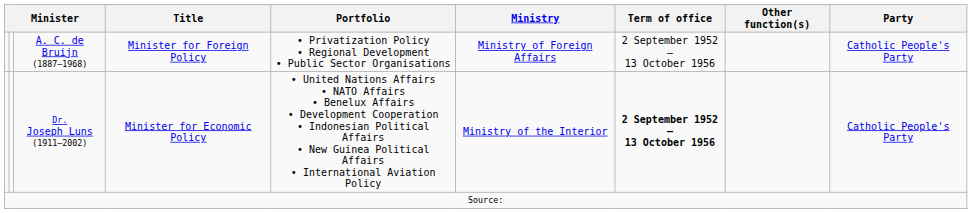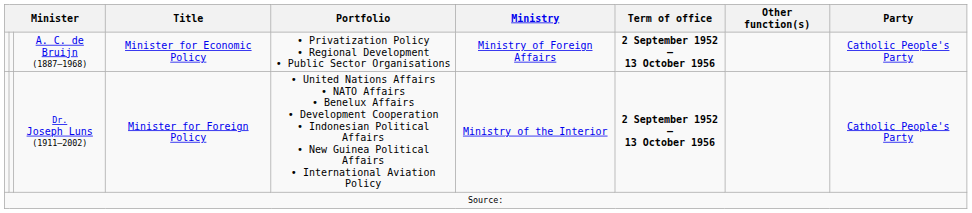 <table class="wikitable" style="text-align:center">
 <tr>
 <th colspan=3>Minister</th>
 <th>Title</th>
 <th>Portfolio</th>
 <th><a href='#'>Ministry</a></th>
 <th>Term of office</th>
 <th>Other function(s)</th>
 <th>Party</th>
 </tr>
 <tr>
 <td style="background:"></td>
 <td></td>
 <td><a href='#'>A. C. de Bruijn</a> <br> <small>(1887–1968)</small></td>
-<td><a href='#'>Minister for Foreign Policy</a></td>
+<td><a href='#'>Minister for Economic Policy</a></td>
 <td>• Privatization Policy <br> • Regional Development <br> • Public Sector Organisations</td>
 <td><a href='#'>Ministry of Foreign Affairs</a></td>
-<td>2 September 1952 – <br> 13 October 1956</td>
+<td><strong>2 September 1952 – <br> 13 October 1956</strong></td>
 <td></td>
 <td><a href='#'>Catholic People's Party</a></td>
 </tr>
 <tr>
 <td style="background:"></td>
 <td></td>
 <td><small><a href='#'>Dr.</a></small> <br> <a href='#'>Joseph Luns</a> <br> <small>(1911–2002)</small></td>
-<td><a href='#'>Minister for Economic Policy</a></td>
+<td><a href='#'>Minister for Foreign Policy</a></td>
 <td>• United Nations Affairs <br> • NATO Affairs <br> • Benelux Affairs <br> • Development Cooperation <br> • Indonesian Political Affairs <br> • New Guinea Political Affairs <br> • International Aviation Policy</td>
 <td><a href='#'>Ministry of the Interior</a></td>
 <td><strong>2 September 1952 – <br> 13 October 1956</strong></td>
 <td></td>
 <td><a href='#'>Catholic People's Party</a></td>
 </tr>
 <tr>
 <td colspan=9><small>Source:</small></td>
 </tr>
 </table>
